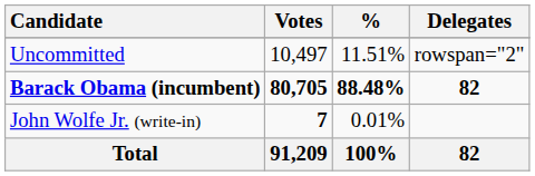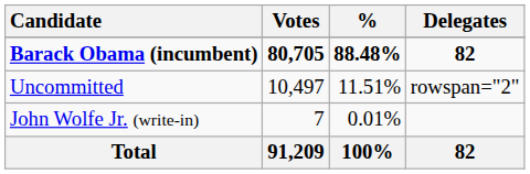 <table class="wikitable sortable plainrowheaders" style="text-align:right;">
 <tr>
 <th style="text-align:left;">Candidate</th>
 <th>Votes</th>
 <th>%</th>
 <th>Delegates</th>
 </tr>
 <tr>
 </tr>
 <tr>
+<td style="text-align:left;"><strong><a href='#'>Barack Obama</a></strong> <strong>(incumbent)</strong></td>
+<td><strong>80,705</strong></td>
+<td><strong>88.48%</strong></td>
+<td style="text-align:center;"><strong>82</strong></td>
+</tr>
+<tr>
 <td style="text-align:left;"><a href='#'>Uncommitted</a></td>
 <td>10,497</td>
 <td>11.51%</td>
 <td>rowspan="2" </td>
 </tr>
 <tr>
-<td style="text-align:left;"><strong><a href='#'>Barack Obama</a></strong> <strong>(incumbent)</strong></td>
-<td><strong>80,705</strong></td>
-<td><strong>88.48%</strong></td>
-<td style="text-align:center;"><strong>82</strong></td>
-</tr>
-<tr>
 <td style="text-align:left;"><a href='#'>John Wolfe Jr.</a> <small>(write-in)</small></td>
-<td><strong>7</strong></td>
+<td>7</td>
 <td>0.01%</td>
 </tr>
 <tr class="sortbottom">
 <th>Total</th>
 <th><strong>91,209</strong></th>
 <th>100%</th>
 <th>82</th>
 </tr>
 </table>
